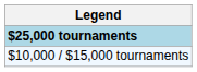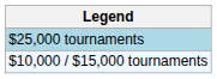 <table class="wikitable" style="font-size:90%">
 <tr>
 <th>Legend</th>
 </tr>
 <tr style="background:lightblue;">
-<td><strong>$25,000 tournaments</strong></td>
+<td>$25,000 tournaments</td>
 </tr>
 <tr style="background:#f0f8ff;">
 <td>$10,000 / $15,000 tournaments</td>
 </tr>
 </table>
